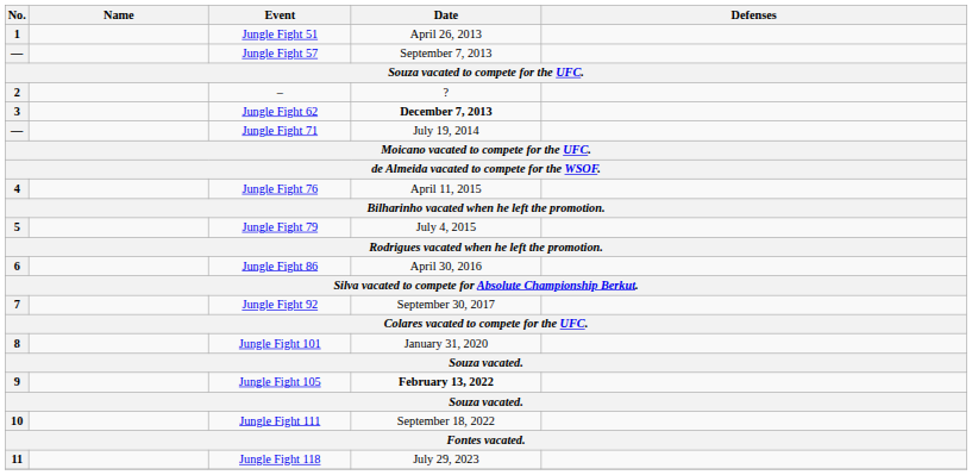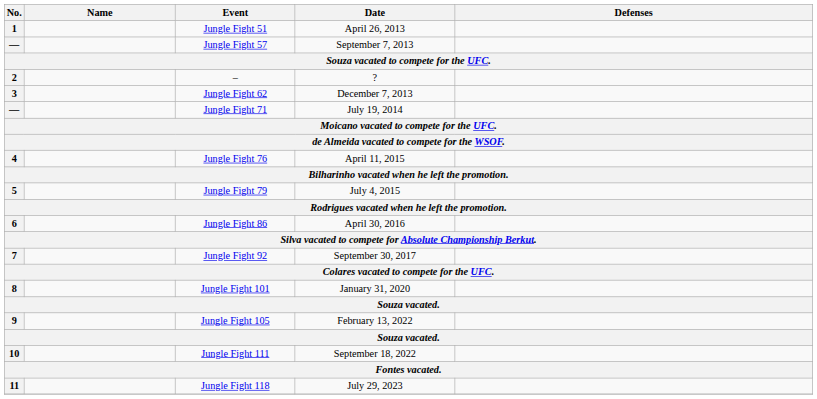 <table class="wikitable" width=100%>
 <tr>
 <th width=1%>No.</th>
 <th width=19%>Name</th>
 <th width=15%>Event</th>
 <th width=20%>Date</th>
 <th width=45%>Defenses</th>
 </tr>
 <tr>
 <th>1</th>
 <td align=left><br></td>
 <td align=center><a href='#'>Jungle Fight 51</a> <br></td>
 <td align=center>April 26, 2013</td>
 <td></td>
 </tr>
 <tr>
 <th>—</th>
 <td align=left><br></td>
 <td align=center><a href='#'>Jungle Fight 57</a> <br></td>
 <td align=center>September 7, 2013</td>
 <td></td>
 </tr>
 <tr>
 <th colspan=6 align=center><em>Souza vacated to compete for the <a href='#'>UFC</a>.</em></th>
 </tr>
 <tr>
 <th>2</th>
 <td align=left><br></td>
 <td align=center>–</td>
 <td align=center>?</td>
 <td></td>
 </tr>
 <tr>
 <th>3</th>
 <td align=left></td>
 <td align=center><a href='#'>Jungle Fight 62</a> <br></td>
-<td align=center><strong>December 7, 2013</strong></td>
+<td align=center>December 7, 2013</td>
 <td></td>
 </tr>
 <tr>
 <th>—</th>
 <td align=left><br></td>
 <td align=center><a href='#'>Jungle Fight 71</a> <br></td>
 <td align=center>July 19, 2014</td>
 <td></td>
 </tr>
 <tr>
 <th colspan=6 align=center><em>Moicano vacated to compete for the <a href='#'>UFC</a>.</em></th>
 </tr>
 <tr>
 <th colspan=6 align=center><em>de Almeida vacated to compete for the <a href='#'>WSOF</a>.</em></th>
 </tr>
 <tr>
 <th>4</th>
 <td align=left><br></td>
 <td align=center><a href='#'>Jungle Fight 76</a> <br></td>
 <td align=center>April 11, 2015</td>
 <td></td>
 </tr>
 <tr>
 <th colspan=6 align=center><em>Bilharinho vacated when he left the promotion.</em></th>
 </tr>
 <tr>
 <th>5</th>
 <td align=left><br></td>
 <td align=center><a href='#'>Jungle Fight 79</a> <br></td>
 <td align=center>July 4, 2015</td>
 <td></td>
 </tr>
 <tr>
 <th colspan=6 align=center><em>Rodrigues vacated when he left the promotion.</em></th>
 </tr>
 <tr>
 <th>6</th>
 <td align=left><br></td>
 <td align=center><a href='#'>Jungle Fight 86</a> <br></td>
 <td align=center>April 30, 2016</td>
 <td></td>
 </tr>
 <tr>
 <th colspan=6 align=center><em>Silva vacated to compete for <a href='#'>Absolute Championship Berkut</a>.</em></th>
 </tr>
 <tr>
 <th>7</th>
 <td align=left><br></td>
 <td align=center><a href='#'>Jungle Fight 92</a> <br></td>
 <td align=center>September 30, 2017</td>
 <td></td>
 </tr>
 <tr>
 <th colspan=6 align=center><em>Colares vacated to compete for the <a href='#'>UFC</a>.</em></th>
 </tr>
 <tr>
 <th>8</th>
 <td align=left><br></td>
 <td align=center><a href='#'>Jungle Fight 101</a> <br></td>
 <td align=center>January 31, 2020</td>
 <td></td>
 </tr>
 <tr>
 <th colspan=6 align=center><em>Souza vacated.</em></th>
 </tr>
 <tr>
 <th>9</th>
 <td align=left><br></td>
 <td align=center><a href='#'>Jungle Fight 105</a> <br></td>
-<td align=center><strong>February 13, 2022</strong></td>
+<td align=center>February 13, 2022</td>
 <td></td>
 </tr>
 <tr>
 <th colspan=6 align=center><em>Souza vacated.</em></th>
 </tr>
 <tr>
 <th>10</th>
 <td align=left><br></td>
 <td align=center><a href='#'>Jungle Fight 111</a> <br></td>
 <td align=center>September 18, 2022</td>
 <td></td>
 </tr>
 <tr>
 <th colspan=6 align=center><em>Fontes vacated.</em></th>
 </tr>
 <tr>
 <th>11</th>
 <td align=left><br></td>
 <td align=center><a href='#'>Jungle Fight 118</a> <br></td>
 <td align=center>July 29, 2023</td>
 <td></td>
 </tr>
 <tr>
 </tr>
 </table>
